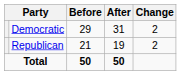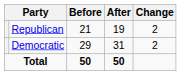 <table class="wikitable" style="text-align:center;">
 <tr>
 <th colspan="2">Party</th>
 <th>Before</th>
 <th>After</th>
 <th>Change</th>
 </tr>
 <tr>
 <th style="background-color:"></th>
-<td style="text-align:left;"><a href='#'>Democratic</a></td>
-<td>29</td>
-<td>31</td>
+<td style="text-align:left;"><a href='#'>Republican</a></td>
+<td>21</td>
+<td>19</td>
 <td> 2</td>
 </tr>
 <tr>
 <th style="background-color:"></th>
-<td style="text-align:left;"><a href='#'>Republican</a></td>
-<td>21</td>
-<td>19</td>
+<td style="text-align:left;"><a href='#'>Democratic</a></td>
+<td>29</td>
+<td>31</td>
 <td> 2</td>
 </tr>
 <tr>
 <td colspan="2"><strong>Total</strong></td>
 <td><strong>50</strong></td>
 <td><strong>50</strong></td>
 <td></td>
 </tr>
 </table>
